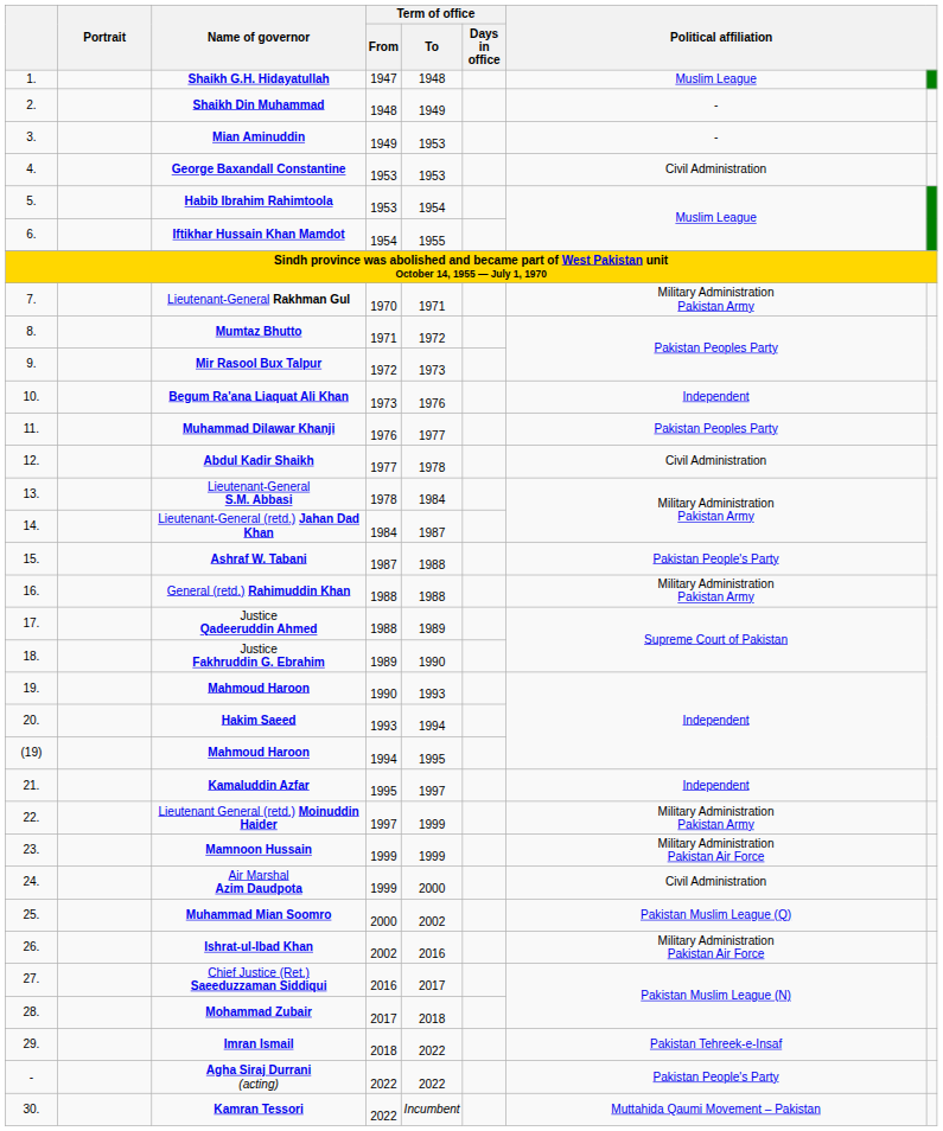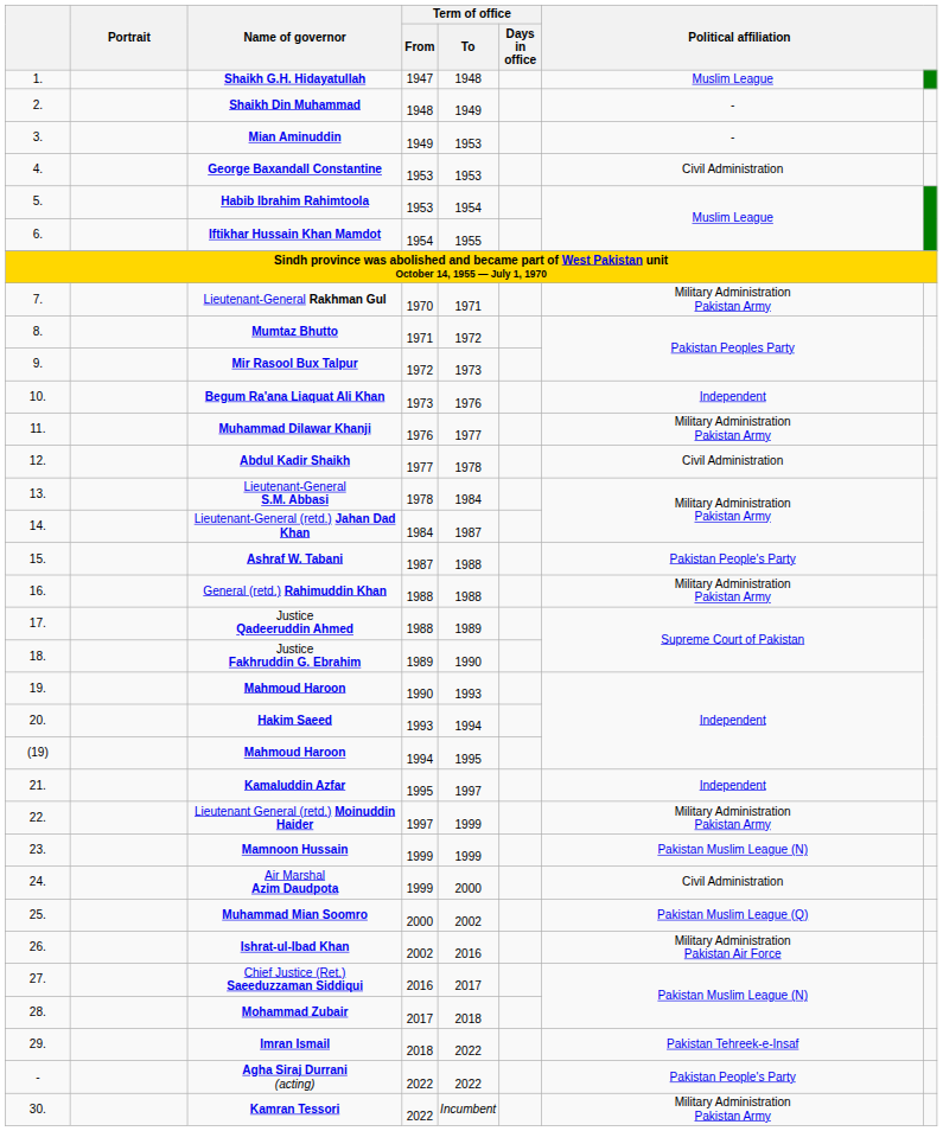 <table class="wikitable sortable"  style="clear:right; text-align:center">
 <tr>
 <th rowspan = "2" scope="col"></th>
 <th rowspan = "2" scope="col">Portrait</th>
 <th rowspan = "2" style="width:23%;"scope="col">Name of governor</th>
 <th colspan = "3" style="width:10%;">Term of office</th>
 <th rowspan = "2" colspan="2" scope="col">Political affiliation</th>
 </tr>
 <tr>
 <th>From</th>
 <th>To</th>
 <th>Days in office</th>
 </tr>
 <tr>
 <td>1.</td>
 <td></td>
 <td><strong><a href='#'>Shaikh G.H. Hidayatullah</a></strong></td>
 <td> 1947</td>
 <td> 1948</td>
 <td></td>
 <td><a href='#'>Muslim League</a></td>
 <td style="background-color: #008000;"></td>
 </tr>
 <tr>
 <td>2.</td>
 <td></td>
 <td><strong><a href='#'>Shaikh Din Muhammad</a></strong></td>
 <td><br> 1948</td>
 <td><br> 1949</td>
 <td></td>
 <td>-</td>
 <td></td>
 </tr>
 <tr>
 <td>3.</td>
 <td></td>
 <td><strong><a href='#'>Mian Aminuddin</a></strong></td>
 <td><br> 1949</td>
 <td><br>1953</td>
 <td></td>
 <td>-</td>
 <td></td>
 </tr>
 <tr>
 <td>4.</td>
 <td></td>
 <td><strong><a href='#'>George Baxandall Constantine</a></strong></td>
 <td><br> 1953</td>
 <td><br> 1953</td>
 <td></td>
 <td>Civil Administration</td>
 <td></td>
 </tr>
 <tr>
 <td>5.</td>
 <td></td>
 <td><strong><a href='#'>Habib Ibrahim Rahimtoola</a></strong></td>
 <td><br> 1953</td>
 <td><br> 1954</td>
 <td></td>
 <td rowspan="2"><a href='#'>Muslim League</a></td>
 <td rowspan="2" style="background-color: #008000;"></td>
 </tr>
 <tr>
 <td>6.</td>
 <td></td>
 <td><strong><a href='#'>Iftikhar Hussain Khan Mamdot</a></strong></td>
 <td><br> 1954</td>
 <td><br> 1955</td>
 <td></td>
 </tr>
 <tr>
 </tr>
 <tr bgcolor=Gold>
 <td colspan="9"><strong>Sindh province was abolished and became part of <a href='#'>West Pakistan</a> unit<br> <small>October 14, 1955 — July 1, 1970</small></strong></td>
 </tr>
 <tr>
 <td>7.</td>
 <td></td>
 <td><a href='#'>Lieutenant-General</a> <strong>Rakhman Gul</strong></td>
 <td><br> 1970</td>
 <td><br> 1971</td>
 <td></td>
 <td>Military Administration <br> <a href='#'>Pakistan Army</a></td>
 <td></td>
 </tr>
 <tr>
 <td>8.</td>
 <td></td>
 <td><strong><a href='#'>Mumtaz Bhutto</a></strong></td>
 <td><br> 1971</td>
 <td><br> 1972</td>
 <td></td>
 <td rowspan="2"><a href='#'>Pakistan Peoples Party</a></td>
 <td rowspan="2"></td>
 </tr>
 <tr>
 <td>9.</td>
 <td></td>
 <td><strong><a href='#'>Mir Rasool Bux Talpur</a></strong></td>
 <td><br> 1972</td>
 <td><br> 1973</td>
 <td></td>
 </tr>
 <tr>
 <td>10.</td>
 <td></td>
 <td><strong><a href='#'>Begum Ra'ana Liaquat Ali Khan</a></strong></td>
 <td><br> 1973</td>
 <td><br> 1976</td>
 <td></td>
 <td><a href='#'>Independent</a></td>
 </tr>
 <tr>
 <td>11.</td>
 <td></td>
 <td><strong><a href='#'>Muhammad Dilawar Khanji</a></strong></td>
 <td><br> 1976</td>
 <td><br> 1977</td>
 <td></td>
-<td><a href='#'>Pakistan Peoples Party</a></td>
+<td>Military Administration <br> <a href='#'>Pakistan Army</a></td>
 <td></td>
 </tr>
 <tr>
 <td>12.</td>
 <td></td>
 <td><strong><a href='#'>Abdul Kadir Shaikh</a></strong></td>
 <td><br> 1977</td>
 <td><br> 1978</td>
 <td></td>
 <td>Civil Administration</td>
 <td></td>
 </tr>
 <tr>
 <td>13.</td>
 <td></td>
 <td><a href='#'>Lieutenant-General</a> <br> <strong><a href='#'>S.M. Abbasi</a></strong></td>
 <td><br> 1978</td>
 <td><br> 1984</td>
 <td></td>
 <td rowspan="2">Military Administration <br> <a href='#'>Pakistan Army</a></td>
 </tr>
 <tr>
 <td>14.</td>
 <td></td>
 <td><a href='#'>Lieutenant-General (retd.)</a> <strong><a href='#'>Jahan Dad Khan</a></strong></td>
 <td><br> 1984</td>
 <td><br> 1987</td>
 <td></td>
 </tr>
 <tr>
 <td>15.</td>
 <td></td>
 <td><strong><a href='#'>Ashraf W. Tabani</a></strong></td>
 <td><br> 1987</td>
 <td><br> 1988</td>
 <td></td>
 <td><a href='#'>Pakistan People's Party</a></td>
 </tr>
 <tr>
 <td>16.</td>
 <td></td>
 <td><a href='#'>General (retd.)</a> <strong><a href='#'>Rahimuddin Khan</a></strong></td>
 <td><br> 1988</td>
 <td><br> 1988</td>
 <td></td>
 <td>Military Administration <br> <a href='#'>Pakistan Army</a></td>
 <td></td>
 </tr>
 <tr>
 <td>17.</td>
 <td></td>
 <td>Justice<br> <strong><a href='#'>Qadeeruddin Ahmed</a></strong></td>
 <td><br> 1988</td>
 <td><br> 1989</td>
 <td></td>
 <td rowspan="2"><a href='#'>Supreme Court of Pakistan</a></td>
 </tr>
 <tr>
 <td>18.</td>
 <td></td>
 <td>Justice<br> <strong><a href='#'>Fakhruddin G. Ebrahim</a></strong></td>
 <td><br> 1989</td>
 <td><br> 1990</td>
 <td></td>
 </tr>
 <tr>
 <td>19.</td>
 <td></td>
 <td><strong><a href='#'>Mahmoud Haroon</a></strong></td>
 <td><br> 1990</td>
 <td><br> 1993</td>
 <td></td>
 <td rowspan="3"><a href='#'>Independent</a></td>
 </tr>
 <tr>
 <td>20.</td>
 <td></td>
 <td><strong><a href='#'>Hakim Saeed</a></strong></td>
 <td><br> 1993</td>
 <td><br> 1994</td>
 <td></td>
 </tr>
 <tr>
 <td>(19)</td>
 <td></td>
 <td><strong><a href='#'>Mahmoud Haroon</a></strong></td>
 <td><br> 1994</td>
 <td><br> 1995</td>
 <td></td>
 </tr>
 <tr>
 <td>21.</td>
 <td></td>
 <td><strong><a href='#'>Kamaluddin Azfar</a></strong></td>
 <td><br> 1995</td>
 <td><br> 1997</td>
 <td></td>
 <td><a href='#'>Independent</a></td>
 <td></td>
 </tr>
 <tr>
 <td>22.</td>
 <td></td>
 <td><a href='#'>Lieutenant General (retd.)</a> <strong><a href='#'>Moinuddin Haider</a></strong></td>
 <td><br> 1997</td>
 <td><br> 1999</td>
 <td></td>
 <td>Military Administration <br> <a href='#'>Pakistan Army</a></td>
 </tr>
 <tr>
 <td>23.</td>
 <td></td>
 <td><strong><a href='#'>Mamnoon Hussain</a></strong></td>
 <td><br> 1999</td>
 <td><br> 1999</td>
 <td></td>
-<td>Military Administration <br> <a href='#'>Pakistan Air Force</a></td>
+<td><a href='#'>Pakistan Muslim League (N)</a></td>
 <td></td>
 </tr>
 <tr>
 <td>24.</td>
 <td></td>
 <td><a href='#'>Air Marshal</a> <br><strong><a href='#'>Azim Daudpota</a></strong></td>
 <td><br> 1999</td>
 <td><br> 2000</td>
 <td></td>
 <td>Civil Administration</td>
 </tr>
 <tr>
 <td>25.</td>
 <td></td>
 <td><strong><a href='#'>Muhammad Mian Soomro</a></strong></td>
 <td><br> 2000</td>
 <td><br> 2002</td>
 <td></td>
 <td><a href='#'>Pakistan Muslim League (Q)</a></td>
 <td></td>
 </tr>
 <tr>
 <td>26.</td>
 <td></td>
 <td><strong><a href='#'>Ishrat-ul-Ibad Khan</a></strong></td>
 <td><br> 2002</td>
 <td><br> 2016</td>
 <td></td>
 <td>Military Administration <br> <a href='#'>Pakistan Air Force</a></td>
 <td></td>
 </tr>
 <tr>
 <td>27.</td>
 <td></td>
 <td><a href='#'>Chief Justice (Ret.)</a><br> <strong><a href='#'>Saeeduzzaman Siddiqui</a></strong></td>
 <td><br> 2016</td>
 <td><br> 2017</td>
 <td></td>
 <td rowspan="2"><a href='#'>Pakistan Muslim League (N)</a></td>
 <td rowspan="2"></td>
 </tr>
 <tr>
 <td>28.</td>
 <td></td>
 <td><strong><a href='#'>Mohammad Zubair</a></strong></td>
 <td><br> 2017</td>
 <td><br> 2018</td>
 <td></td>
 </tr>
 <tr>
 <td>29.</td>
 <td></td>
 <td><strong><a href='#'>Imran Ismail</a></strong></td>
 <td><br> 2018</td>
 <td><br> 2022</td>
 <td></td>
 <td><a href='#'>Pakistan Tehreek-e-Insaf</a></td>
 <td></td>
 </tr>
 <tr>
 <td>-</td>
 <td></td>
 <td><strong><a href='#'>Agha Siraj Durrani</a></strong> <br><em>(acting)</em></td>
 <td><br> 2022</td>
 <td><br> 2022</td>
 <td></td>
 <td><a href='#'>Pakistan People's Party</a></td>
 <td></td>
 </tr>
 <tr>
 <td>30.</td>
 <td></td>
 <td><strong><a href='#'>Kamran Tessori</a></strong></td>
 <td><br> 2022</td>
 <td><em>Incumbent</em></td>
 <td></td>
-<td><a href='#'>Muttahida Qaumi Movement – Pakistan</a></td>
+<td>Military Administration <br> <a href='#'>Pakistan Army</a></td>
 <td></td>
 </tr>
 </table>
